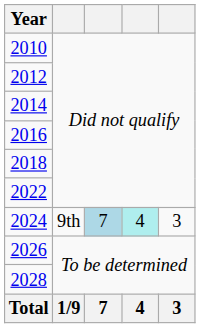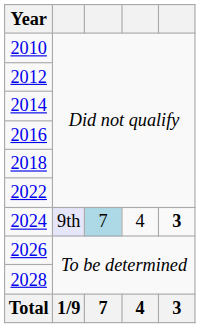 <table class="wikitable" style="text-align:center">
 <tr>
 <th>Year</th>
 <th></th>
 <th width=25></th>
 <th width=25></th>
 <th width=25></th>
 </tr>
 <tr>
 <td> <a href='#'>2010</a></td>
 <td rowspan=6 colspan=4><em>Did not qualify</em></td>
 </tr>
 <tr>
 <td> <a href='#'>2012</a></td>
 </tr>
 <tr>
 <td> <a href='#'>2014</a></td>
 </tr>
 <tr>
 <td> <a href='#'>2016</a></td>
 </tr>
 <tr>
 <td> <a href='#'>2018</a></td>
 </tr>
 <tr>
 <td> <a href='#'>2022</a></td>
 </tr>
 <tr>
 <td> <a href='#'>2024</a></td>
-<td>9th</td>
+<td style="background: lavender;">9th</td>
 <td style="background: lightblue;">7</td>
-<td style="background: paleturquoise;">4</td>
-<td>3</td>
+<td>4</td>
+<td><strong>3</strong></td>
 </tr>
 <tr>
 <td> <a href='#'>2026</a></td>
 <td colspan=4 rowspan=2><em>To be determined</em></td>
 </tr>
 <tr>
 <td> <a href='#'>2028</a></td>
 </tr>
 <tr>
 <th>Total</th>
 <th>1/9</th>
 <th>7</th>
 <th>4</th>
 <th>3</th>
 </tr>
 </table>
